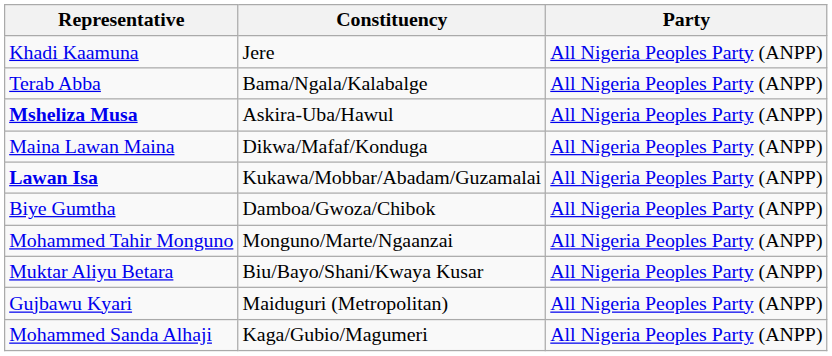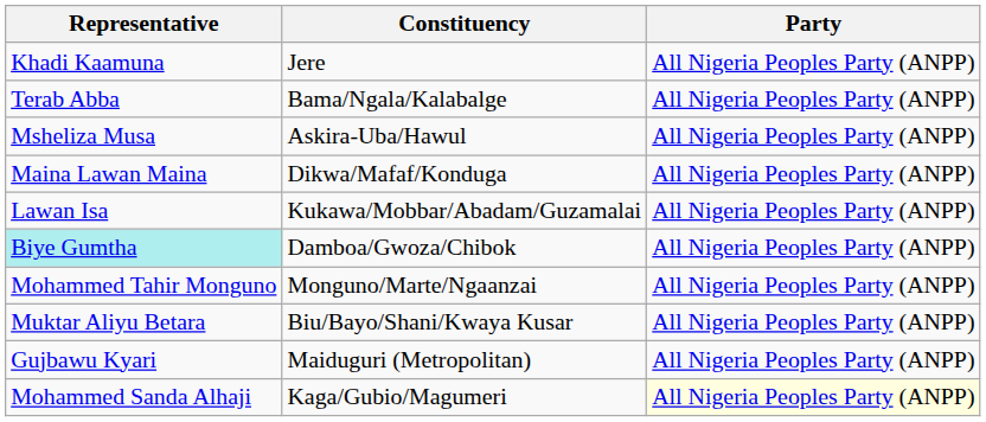 <table class="wikitable" border="1">
 <tr>
 <th>Representative</th>
 <th>Constituency</th>
 <th>Party</th>
 </tr>
 <tr>
 <td><a href='#'>Khadi Kaamuna</a></td>
 <td>Jere</td>
 <td><a href='#'>All Nigeria Peoples Party</a> (ANPP)</td>
 </tr>
 <tr>
 <td><a href='#'>Terab Abba</a></td>
 <td>Bama/Ngala/Kalabalge</td>
 <td><a href='#'>All Nigeria Peoples Party</a> (ANPP)</td>
 </tr>
 <tr>
-<td><strong><a href='#'>Msheliza Musa</a></strong></td>
+<td><a href='#'>Msheliza Musa</a></td>
 <td>Askira-Uba/Hawul</td>
 <td><a href='#'>All Nigeria Peoples Party</a> (ANPP)</td>
 </tr>
 <tr>
 <td><a href='#'>Maina Lawan Maina</a></td>
 <td>Dikwa/Mafaf/Konduga</td>
 <td><a href='#'>All Nigeria Peoples Party</a> (ANPP)</td>
 </tr>
 <tr>
-<td><strong><a href='#'>Lawan Isa</a></strong></td>
+<td><a href='#'>Lawan Isa</a></td>
 <td>Kukawa/Mobbar/Abadam/Guzamalai</td>
 <td><a href='#'>All Nigeria Peoples Party</a> (ANPP)</td>
 </tr>
 <tr>
-<td><a href='#'>Biye Gumtha</a></td>
+<td style="background: paleturquoise;"><a href='#'>Biye Gumtha</a></td>
 <td>Damboa/Gwoza/Chibok</td>
 <td><a href='#'>All Nigeria Peoples Party</a> (ANPP)</td>
 </tr>
 <tr>
 <td><a href='#'>Mohammed Tahir Monguno</a></td>
 <td>Monguno/Marte/Ngaanzai</td>
 <td><a href='#'>All Nigeria Peoples Party</a> (ANPP)</td>
 </tr>
 <tr>
 <td><a href='#'>Muktar Aliyu Betara</a></td>
 <td>Biu/Bayo/Shani/Kwaya Kusar</td>
 <td><a href='#'>All Nigeria Peoples Party</a> (ANPP)</td>
 </tr>
 <tr>
 <td><a href='#'>Gujbawu Kyari</a></td>
 <td>Maiduguri (Metropolitan)</td>
 <td><a href='#'>All Nigeria Peoples Party</a> (ANPP)</td>
 </tr>
 <tr>
 <td><a href='#'>Mohammed Sanda Alhaji</a></td>
 <td>Kaga/Gubio/Magumeri</td>
-<td><a href='#'>All Nigeria Peoples Party</a> (ANPP)</td>
+<td style="background: lightyellow;"><a href='#'>All Nigeria Peoples Party</a> (ANPP)</td>
 </tr>
 </table>
